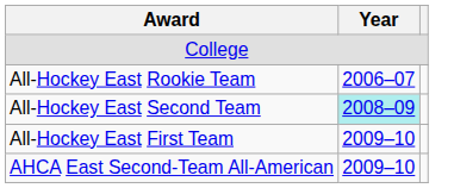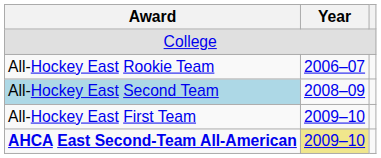 <table class="wikitable">
 <tr>
 <th>Award</th>
 <th>Year</th>
 <th></th>
 </tr>
 <tr ALIGN="center" bgcolor="#e0e0e0">
 <td colspan="3"><a href='#'>College</a></td>
 </tr>
 <tr>
 <td>All-<a href='#'>Hockey East</a> <a href='#'>Rookie Team</a></td>
 <td><a href='#'>2006–07</a></td>
 <td></td>
 </tr>
 <tr>
-<td>All-<a href='#'>Hockey East</a> <a href='#'>Second Team</a></td>
-<td style="background: paleturquoise;"><a href='#'>2008–09</a></td>
+<td style="background: lightblue;">All-<a href='#'>Hockey East</a> <a href='#'>Second Team</a></td>
+<td><a href='#'>2008–09</a></td>
 <td></td>
 </tr>
 <tr>
 <td>All-<a href='#'>Hockey East</a> <a href='#'>First Team</a></td>
 <td><a href='#'>2009–10</a></td>
 <td></td>
 </tr>
 <tr>
-<td><a href='#'>AHCA</a> <a href='#'>East Second-Team All-American</a></td>
-<td><a href='#'>2009–10</a></td>
+<td><strong><a href='#'>AHCA</a> <a href='#'>East Second-Team All-American</a></strong></td>
+<td style="background: khaki;"><a href='#'>2009–10</a></td>
 <td></td>
 </tr>
 </table>
